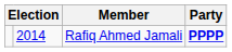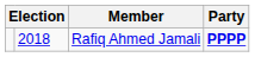 <table class="wikitable">
 <tr>
 <th colspan="2">Election</th>
 <th>Member</th>
 <th>Party</th>
 </tr>
 <tr>
 <td style="background-color: "></td>
-<td><a href='#'>2014</a></td>
+<td><a href='#'>2018</a></td>
 <td><a href='#'>Rafiq Ahmed Jamali</a></td>
 <td><strong><a href='#'>PPPP</a></strong></td>
 </tr>
 </table>
